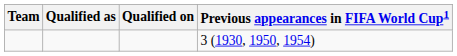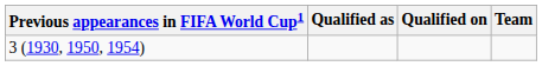 <table class="wikitable sortable">
 <tr>
-<th>Team</th>
+<th data-sort-type="number">Previous <a href='#'>appearances</a> in <a href='#'>FIFA World Cup</a><sup><strong><a href='#'>1</a></strong></sup></th>
 <th>Qualified as</th>
 <th>Qualified on</th>
-<th data-sort-type="number">Previous <a href='#'>appearances</a> in <a href='#'>FIFA World Cup</a><sup><strong><a href='#'>1</a></strong></sup></th>
+<th>Team</th>
 </tr>
 <tr>
+<td>3 (<a href='#'>1930</a>, <a href='#'>1950</a>, <a href='#'>1954</a>)</td>
 <td></td>
 <td></td>
 <td></td>
-<td>3 (<a href='#'>1930</a>, <a href='#'>1950</a>, <a href='#'>1954</a>)</td>
 </tr>
 </table>
